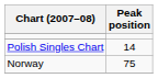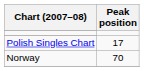 <table class="wikitable sortable">
 <tr>
 <th>Chart (2007–08)</th>
 <th>Peak<br>position</th>
 </tr>
 <tr>
 </tr>
 <tr>
 <td></td>
 </tr>
 <tr>
 </tr>
 <tr>
 <td><a href='#'>Polish Singles Chart</a></td>
-<td align="center">14</td>
+<td align="center">17</td>
 </tr>
 <tr>
 <td>Norway</td>
-<td align="center">75</td>
+<td align="center">70</td>
 </tr>
 <tr>
 </tr>
 <tr>
 </tr>
 <tr>
 </tr>
 <tr>
 </tr>
 </table>
